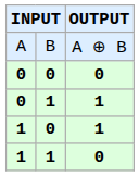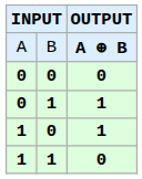 <table class="wikitable" || border=1 | style="margin: 1em auto 1em auto">
 <tr bgcolor="#ddeeff" align="center">
 <td colspan=2><strong>INPUT</strong></td>
 <td><strong>OUTPUT</strong></td>
 </tr>
 <tr bgcolor="#ddeeff" align="center">
 <td>A</td>
 <td>B</td>
-<td>A ⊕ B</td>
+<td><strong>A ⊕ B</strong></td>
 </tr>
 <tr bgcolor="#ddffdd" align="center">
 <td><strong>0</strong></td>
 <td><strong>0</strong></td>
 <td><strong>0</strong></td>
 </tr>
 <tr bgcolor="#ddffdd" align="center">
 <td><strong>0</strong></td>
 <td><strong>1</strong></td>
 <td><strong>1</strong></td>
 </tr>
 <tr bgcolor="#ddffdd" align="center">
 <td><strong>1</strong></td>
 <td><strong>0</strong></td>
 <td><strong>1</strong></td>
 </tr>
 <tr bgcolor="#ddffdd" align="center">
 <td><strong>1</strong></td>
 <td><strong>1</strong></td>
 <td><strong>0</strong></td>
 </tr>
 </table>
